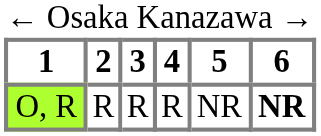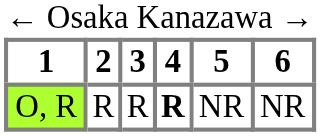 <table border=0 cellspacing=0 cellpadding=1>
 <tr>
 <td colspan=6>← Osaka Kanazawa →</td>
 </tr>
 <tr style="width:200px;text-align:center;">
 <th style="border-left:solid 2px gray; border-right:solid 2px gray; border-top:solid 2px gray;">1</th>
 <th style="border-right:solid 2px gray; border-top:solid 2px gray;">2</th>
 <th style="border-right:solid 2px gray; border-top:solid 2px gray;">3</th>
 <th style="border-right:solid 2px gray; border-top:solid 2px gray;">4</th>
 <th style="border-right:solid 2px gray; border-top:solid 2px gray;">5</th>
 <th style="border-right:solid 2px gray; border-top:solid 2px gray;">6</th>
 </tr>
 <tr style="width:200px;text-align:center;">
 <td style="background:greenyellow; border:solid 2px gray;">O, R</td>
 <td style="background:white; border-right:solid 2px gray; border-top:solid 2px gray; border-bottom:solid 2px gray;">R</td>
 <td style="background:white; border-right:solid 2px gray; border-top:solid 2px gray; border-bottom:solid 2px gray;">R</td>
-<td style="background:white; border-right:solid 2px gray; border-top:solid 2px gray; border-bottom:solid 2px gray;">R</td>
+<td style="background:white; border-right:solid 2px gray; border-top:solid 2px gray; border-bottom:solid 2px gray;"><strong>R</strong></td>
 <td style="background:white; border-right:solid 2px gray; border-top:solid 2px gray; border-bottom:solid 2px gray;">NR</td>
-<td style="background:white; border-right:solid 2px gray; border-top:solid 2px gray; border-bottom:solid 2px gray;"><strong>NR</strong></td>
+<td style="background:white; border-right:solid 2px gray; border-top:solid 2px gray; border-bottom:solid 2px gray;">NR</td>
 </tr>
 </table>
